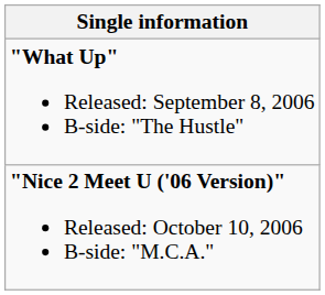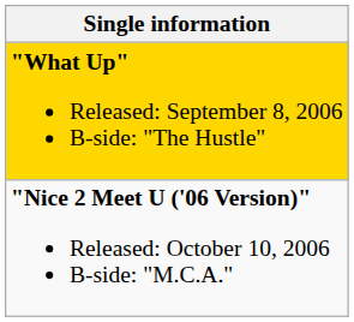 <table class="wikitable">
 <tr align="center">
 <th align="all" bgcolor="lightblue"><strong>Single information</strong></th>
 </tr>
 <tr>
-<td align="left"><strong>"What Up"</strong><br><ul><li>Released: September 8, 2006</li><li>B-side: "The Hustle"</li></ul></td>
+<td align="left" style="background: gold;"><strong>"What Up"</strong><br><ul><li>Released: September 8, 2006</li><li>B-side: "The Hustle"</li></ul></td>
 </tr>
 <tr>
 <td align="left"><strong>"Nice 2 Meet U ('06 Version)"</strong><br><ul><li>Released: October 10, 2006</li><li>B-side: "M.C.A."</li></ul></td>
 </tr>
 </table>
